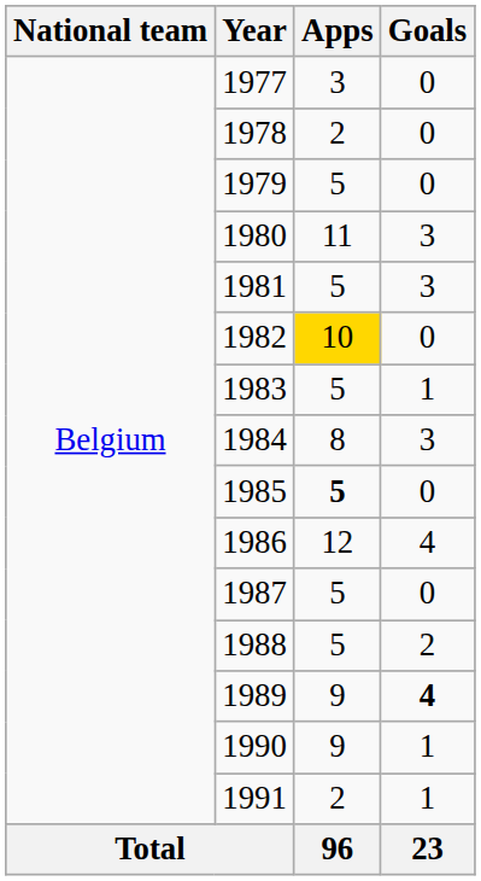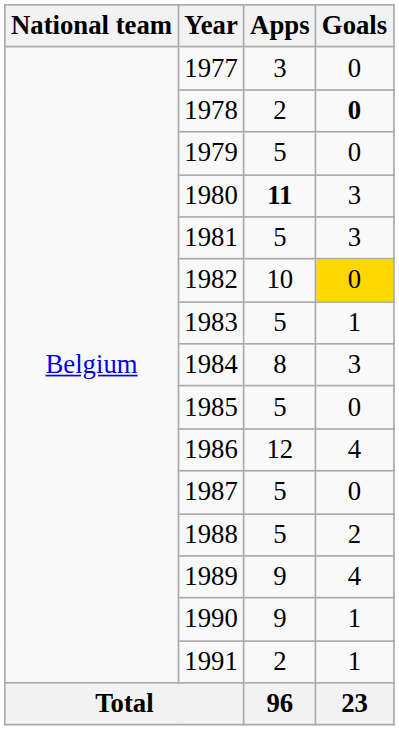 <table class="wikitable" style="text-align:center">
 <tr>
 <th>National team</th>
 <th>Year</th>
 <th>Apps</th>
 <th>Goals</th>
 </tr>
 <tr>
 <td rowspan="15"><a href='#'>Belgium</a></td>
 <td>1977</td>
 <td>3</td>
 <td>0</td>
 </tr>
 <tr>
 <td>1978</td>
 <td>2</td>
-<td>0</td>
+<td><strong>0</strong></td>
 </tr>
 <tr>
 <td>1979</td>
 <td>5</td>
 <td>0</td>
 </tr>
 <tr>
 <td>1980</td>
-<td>11</td>
+<td><strong>11</strong></td>
 <td>3</td>
 </tr>
 <tr>
 <td>1981</td>
 <td>5</td>
 <td>3</td>
 </tr>
 <tr>
 <td>1982</td>
-<td style="background: gold;">10</td>
-<td>0</td>
+<td>10</td>
+<td style="background: gold;">0</td>
 </tr>
 <tr>
 <td>1983</td>
 <td>5</td>
 <td>1</td>
 </tr>
 <tr>
 <td>1984</td>
 <td>8</td>
 <td>3</td>
 </tr>
 <tr>
 <td>1985</td>
-<td><strong>5</strong></td>
+<td>5</td>
 <td>0</td>
 </tr>
 <tr>
 <td>1986</td>
 <td>12</td>
 <td>4</td>
 </tr>
 <tr>
 <td>1987</td>
 <td>5</td>
 <td>0</td>
 </tr>
 <tr>
 <td>1988</td>
 <td>5</td>
 <td>2</td>
 </tr>
 <tr>
 <td>1989</td>
 <td>9</td>
-<td><strong>4</strong></td>
+<td>4</td>
 </tr>
 <tr>
 <td>1990</td>
 <td>9</td>
 <td>1</td>
 </tr>
 <tr>
 <td>1991</td>
 <td>2</td>
 <td>1</td>
 </tr>
 <tr>
 <th colspan="2">Total</th>
 <th>96</th>
 <th>23</th>
 </tr>
 </table>
